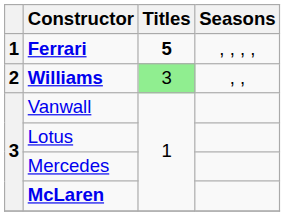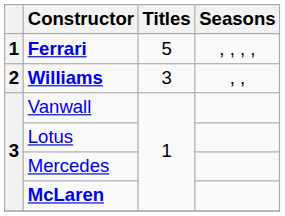 <table class="wikitable" style="text-align:center">
 <tr>
 <th></th>
 <th>Constructor</th>
 <th>Titles</th>
 <th>Seasons</th>
 </tr>
 <tr>
 <th>1</th>
 <td align=left> <strong><a href='#'>Ferrari</a></strong></td>
-<td><strong>5</strong></td>
+<td>5</td>
 <td>, , , , </td>
 </tr>
 <tr>
 <th>2</th>
 <td align=left> <strong><a href='#'>Williams</a></strong></td>
-<td style="background: lightgreen;">3</td>
+<td>3</td>
 <td>, , </td>
 </tr>
 <tr>
 <th rowspan=4>3</th>
 <td align=left> <a href='#'>Vanwall</a></td>
 <td rowspan=4>1</td>
 <td></td>
 </tr>
 <tr>
 <td align=left> <a href='#'>Lotus</a></td>
 <td></td>
 </tr>
 <tr>
 <td align=left> <a href='#'>Mercedes</a></td>
 <td></td>
 </tr>
 <tr>
 <td align=left> <strong><a href='#'>McLaren</a></strong></td>
 <td></td>
 </tr>
 <tr>
 </tr>
 </table>
